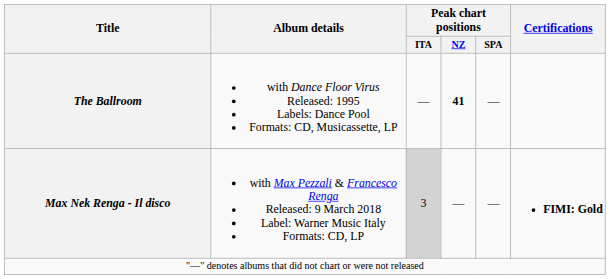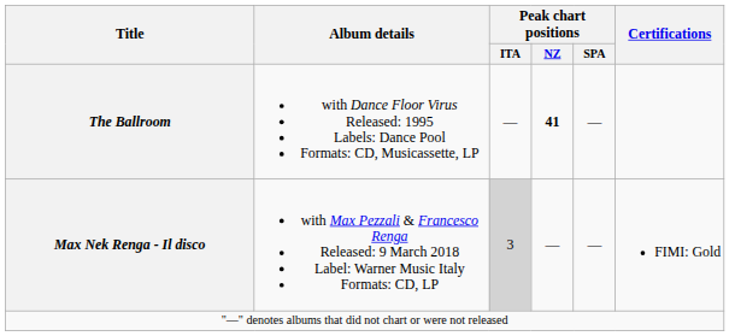 <table class="wikitable plainrowheaders" style="text-align:center;" border="1">
 <tr>
 <th scope="col" rowspan="2" style="width:17em;">Title</th>
 <th scope="col" rowspan="2" style="width:16em;">Album details</th>
 <th scope="col" colspan="3">Peak chart positions</th>
 <th scope="col" rowspan="2"><a href='#'>Certifications</a></th>
 </tr>
 <tr>
 <th scope="col" style="width:3em;font-size:85%;">ITA<br></th>
 <th scope="col" style="width:3em;font-size:85%;"><a href='#'>NZ</a><br></th>
 <th scope="col" style="width:3em;font-size:85%;">SPA<br></th>
 </tr>
 <tr>
 <th scope="row"><em>The Ballroom</em></th>
 <td><br><ul><li>with <em>Dance Floor Virus</em></li><li>Released: 1995</li><li>Labels: Dance Pool</li><li>Formats: CD, Musicassette, LP</li></ul></td>
 <td>—</td>
 <td><strong>41</strong></td>
 <td>—</td>
 <td></td>
 </tr>
 <tr>
 <th scope="row"><em>Max Nek Renga - Il disco </em></th>
 <td><br><ul><li>with <em><a href='#'>Max Pezzali</a></em> & <em><a href='#'>Francesco Renga</a></em></li><li>Released: 9 March 2018</li><li>Label: Warner Music Italy</li><li>Formats: CD, LP</li></ul></td>
 <td style="background: lightgrey;">3</td>
 <td>—</td>
 <td>—</td>
-<td><strong><br><ul><li>FIMI: Gold</li></ul></strong></td>
+<td><br><ul><li>FIMI: Gold</li></ul></td>
 </tr>
 <tr>
 <td align="center" colspan="30" style="font-size:85%">"—" denotes albums that did not chart or were not released</td>
 </tr>
 </table>
